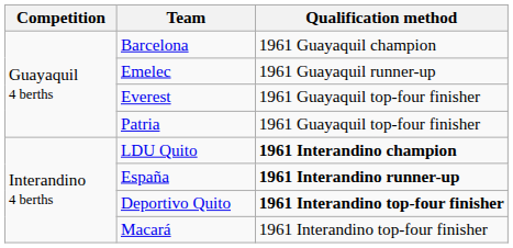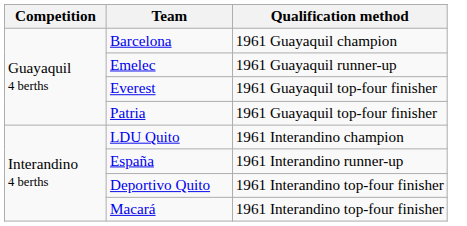 <table class="wikitable">
 <tr>
 <th width=100>Competition</th>
 <th width=125>Team</th>
 <th>Qualification method</th>
 </tr>
 <tr>
 <td rowspan="4">Guayaquil<br><small>4 berths</small></td>
 <td><a href='#'>Barcelona</a></td>
 <td>1961 Guayaquil champion</td>
 </tr>
 <tr>
 <td><a href='#'>Emelec</a></td>
 <td>1961 Guayaquil runner-up</td>
 </tr>
 <tr>
 <td><a href='#'>Everest</a></td>
 <td>1961 Guayaquil top-four finisher</td>
 </tr>
 <tr>
 <td><a href='#'>Patria</a></td>
 <td>1961 Guayaquil top-four finisher</td>
 </tr>
 <tr>
 <td rowspan="4">Interandino<br><small>4 berths</small></td>
 <td><a href='#'>LDU Quito</a></td>
-<td><strong>1961 Interandino champion</strong></td>
+<td>1961 Interandino champion</td>
 </tr>
 <tr>
 <td><a href='#'>España</a></td>
-<td><strong>1961 Interandino runner-up</strong></td>
+<td>1961 Interandino runner-up</td>
 </tr>
 <tr>
 <td><a href='#'>Deportivo Quito</a></td>
-<td><strong>1961 Interandino top-four finisher</strong></td>
+<td>1961 Interandino top-four finisher</td>
 </tr>
 <tr>
 <td><a href='#'>Macará</a></td>
 <td>1961 Interandino top-four finisher</td>
 </tr>
 </table>
